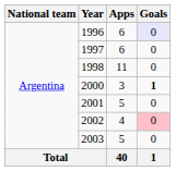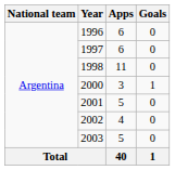 <table class="wikitable" style="text-align:center">
 <tr>
 <th>National team</th>
 <th>Year</th>
 <th>Apps</th>
 <th>Goals</th>
 </tr>
 <tr>
 <td rowspan="7"><a href='#'>Argentina</a></td>
 <td>1996</td>
 <td>6</td>
-<td style="background: lavender;">0</td>
+<td>0</td>
 </tr>
 <tr>
 <td>1997</td>
 <td>6</td>
 <td>0</td>
 </tr>
 <tr>
 <td>1998</td>
 <td>11</td>
 <td>0</td>
 </tr>
 <tr>
 <td>2000</td>
 <td>3</td>
-<td><strong>1</strong></td>
+<td>1</td>
 </tr>
 <tr>
 <td>2001</td>
 <td>5</td>
 <td>0</td>
 </tr>
 <tr>
 <td>2002</td>
 <td>4</td>
-<td style="background: pink;">0</td>
+<td>0</td>
 </tr>
 <tr>
 <td>2003</td>
 <td>5</td>
 <td>0</td>
 </tr>
 <tr>
 <th colspan="2">Total</th>
 <th>40</th>
 <th>1</th>
 </tr>
 </table>
